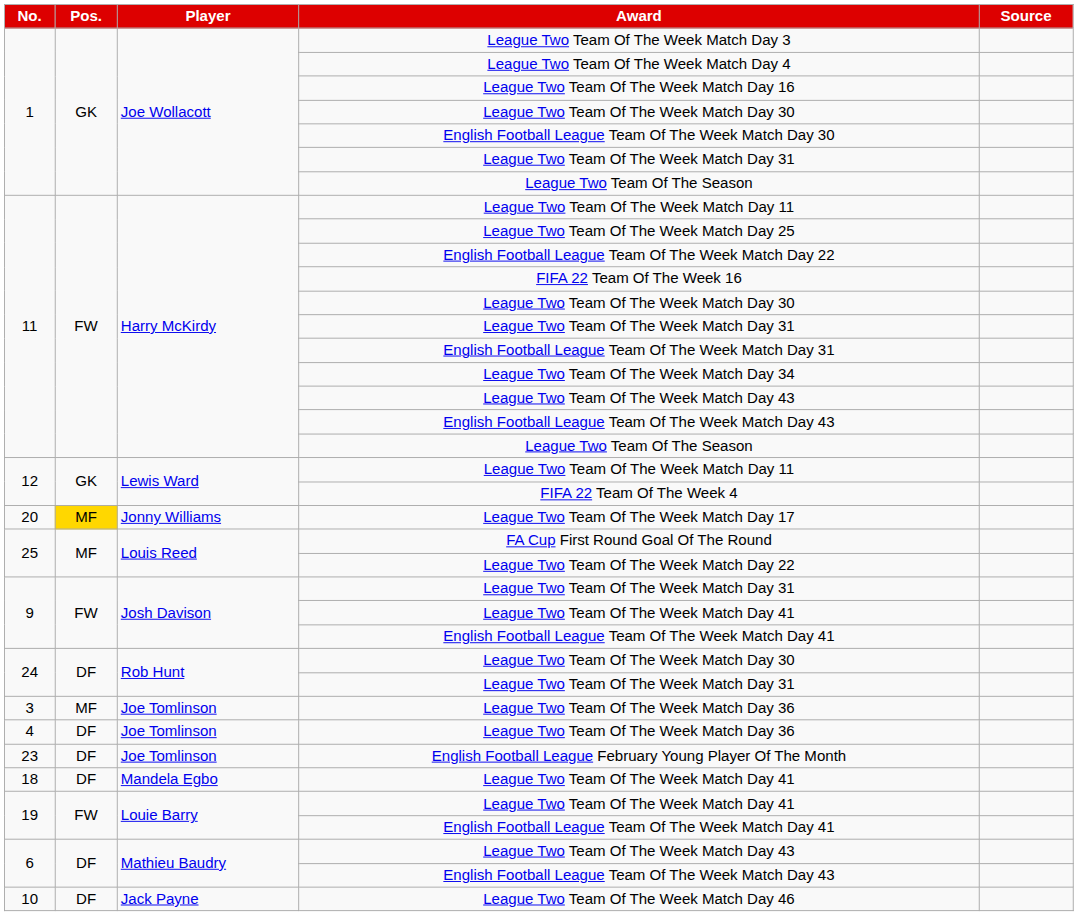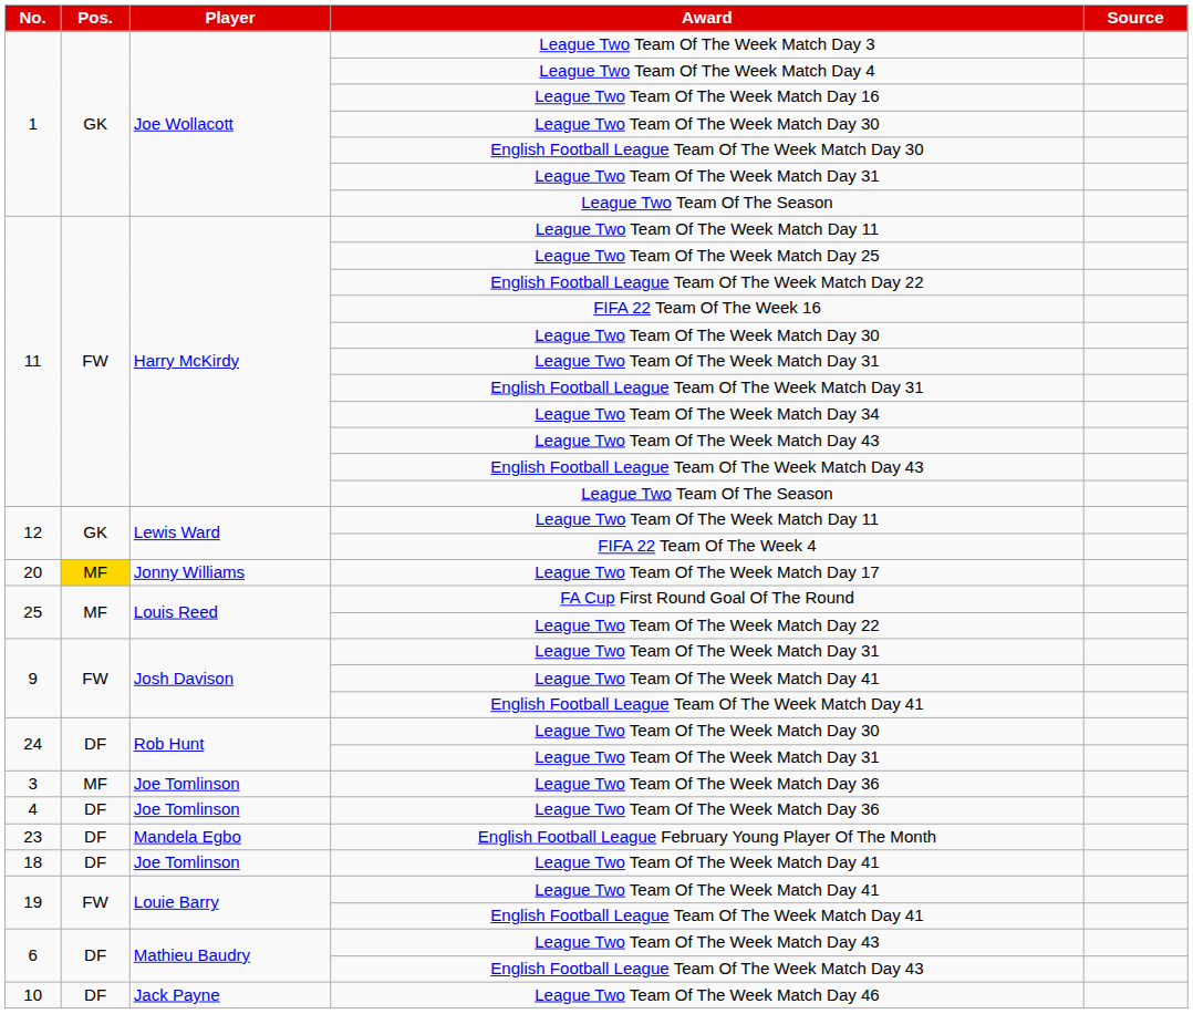 <table class="wikitable" style="text-align:center;width:90%;">
 <tr>
 <th style="background:#DD0000;color:#fff;">No.</th>
 <th style="background:#DD0000;color:#fff;">Pos.</th>
 <th style="background:#DD0000;color:#fff;">Player</th>
 <th style="background:#DD0000;color:#fff;">Award</th>
 <th style="background:#DD0000;color:#fff;">Source</th>
 </tr>
 <tr>
 <td rowspan=7>1</td>
 <td rowspan=7>GK</td>
 <td rowspan=7; align=left> <a href='#'>Joe Wollacott</a></td>
 <td><a href='#'>League Two</a> Team Of The Week Match Day 3</td>
 <td></td>
 </tr>
 <tr>
 <td><a href='#'>League Two</a> Team Of The Week Match Day 4</td>
 <td></td>
 </tr>
 <tr>
 <td><a href='#'>League Two</a> Team Of The Week Match Day 16</td>
 <td></td>
 </tr>
 <tr>
 <td><a href='#'>League Two</a> Team Of The Week Match Day 30</td>
 <td></td>
 </tr>
 <tr>
 <td><a href='#'>English Football League</a> Team Of The Week Match Day 30</td>
 <td></td>
 </tr>
 <tr>
 <td><a href='#'>League Two</a> Team Of The Week Match Day 31</td>
 <td></td>
 </tr>
 <tr>
 <td><a href='#'>League Two</a> Team Of The Season</td>
 <td></td>
 </tr>
 <tr>
 <td rowspan=11>11</td>
 <td rowspan=11>FW</td>
 <td rowspan=11; align=left> <a href='#'>Harry McKirdy</a></td>
 <td><a href='#'>League Two</a> Team Of The Week Match Day 11</td>
 <td></td>
 </tr>
 <tr>
 <td><a href='#'>League Two</a> Team Of The Week Match Day 25</td>
 <td></td>
 </tr>
 <tr>
 <td><a href='#'>English Football League</a> Team Of The Week Match Day 22</td>
 <td></td>
 </tr>
 <tr>
 <td><a href='#'>FIFA 22</a> Team Of The Week 16</td>
 <td></td>
 </tr>
 <tr>
 <td><a href='#'>League Two</a> Team Of The Week Match Day 30</td>
 <td></td>
 </tr>
 <tr>
 <td><a href='#'>League Two</a> Team Of The Week Match Day 31</td>
 <td></td>
 </tr>
 <tr>
 <td><a href='#'>English Football League</a> Team Of The Week Match Day 31</td>
 <td></td>
 </tr>
 <tr>
 <td><a href='#'>League Two</a> Team Of The Week Match Day 34</td>
 <td></td>
 </tr>
 <tr>
 <td><a href='#'>League Two</a> Team Of The Week Match Day 43</td>
 <td></td>
 </tr>
 <tr>
 <td><a href='#'>English Football League</a> Team Of The Week Match Day 43</td>
 <td></td>
 </tr>
 <tr>
 <td><a href='#'>League Two</a> Team Of The Season</td>
 <td></td>
 </tr>
 <tr>
 <td rowspan=2>12</td>
 <td rowspan=2>GK</td>
 <td rowspan=2; align=left> <a href='#'>Lewis Ward</a></td>
 <td><a href='#'>League Two</a> Team Of The Week Match Day 11</td>
 <td></td>
 </tr>
 <tr>
 <td><a href='#'>FIFA 22</a> Team Of The Week 4</td>
 <td></td>
 </tr>
 <tr>
 <td rowspan=1>20</td>
 <td rowspan=1 style="background: gold;">MF</td>
 <td rowspan=1; align=left> <a href='#'>Jonny Williams</a></td>
 <td><a href='#'>League Two</a> Team Of The Week Match Day 17</td>
 <td></td>
 </tr>
 <tr>
 <td rowspan=2>25</td>
 <td rowspan=2>MF</td>
 <td rowspan=2; align=left> <a href='#'>Louis Reed</a></td>
 <td><a href='#'>FA Cup</a> First Round Goal Of The Round</td>
 <td></td>
 </tr>
 <tr>
 <td><a href='#'>League Two</a> Team Of The Week Match Day 22</td>
 <td></td>
 </tr>
 <tr>
 <td rowspan=3>9</td>
 <td rowspan=3>FW</td>
 <td rowspan=3; align=left> <a href='#'>Josh Davison</a></td>
 <td><a href='#'>League Two</a> Team Of The Week Match Day 31</td>
 <td></td>
 </tr>
 <tr>
 <td><a href='#'>League Two</a> Team Of The Week Match Day 41</td>
 <td></td>
 </tr>
 <tr>
 <td><a href='#'>English Football League</a> Team Of The Week Match Day 41</td>
 <td></td>
 </tr>
 <tr>
 <td rowspan=2>24</td>
 <td rowspan=2>DF</td>
 <td rowspan=2; align=left> <a href='#'>Rob Hunt</a></td>
 <td><a href='#'>League Two</a> Team Of The Week Match Day 30</td>
 <td></td>
 </tr>
 <tr>
 <td><a href='#'>League Two</a> Team Of The Week Match Day 31</td>
 <td></td>
 </tr>
 <tr>
 <td rowspan=1>3</td>
 <td rowspan=1>MF</td>
 <td rowspan=1; align=left> <a href='#'>Joe Tomlinson</a></td>
 <td><a href='#'>League Two</a> Team Of The Week Match Day 36</td>
 <td></td>
 </tr>
 <tr>
 <td rowspan=1>4</td>
 <td rowspan=1>DF</td>
 <td rowspan=1; align=left> <a href='#'>Joe Tomlinson</a></td>
 <td><a href='#'>League Two</a> Team Of The Week Match Day 36</td>
 <td></td>
 </tr>
 <tr>
 <td rowspan=1>23</td>
 <td rowspan=1>DF</td>
-<td rowspan=1; align=left> <a href='#'>Joe Tomlinson</a></td>
+<td rowspan=1; align=left> <a href='#'>Mandela Egbo</a></td>
 <td><a href='#'>English Football League</a> February Young Player Of The Month</td>
 <td></td>
 </tr>
 <tr>
 <td rowspan=1>18</td>
 <td rowspan=1>DF</td>
-<td rowspan=1; align=left> <a href='#'>Mandela Egbo</a></td>
+<td rowspan=1; align=left> <a href='#'>Joe Tomlinson</a></td>
 <td><a href='#'>League Two</a> Team Of The Week Match Day 41</td>
 <td></td>
 </tr>
 <tr>
 <td rowspan=2>19</td>
 <td rowspan=2>FW</td>
 <td rowspan=2; align=left> <a href='#'>Louie Barry</a></td>
 <td><a href='#'>League Two</a> Team Of The Week Match Day 41</td>
 <td></td>
 </tr>
 <tr>
 <td><a href='#'>English Football League</a> Team Of The Week Match Day 41</td>
 <td></td>
 </tr>
 <tr>
 <td rowspan=2>6</td>
 <td rowspan=2>DF</td>
 <td rowspan=2; align=left> <a href='#'>Mathieu Baudry</a></td>
 <td><a href='#'>League Two</a> Team Of The Week Match Day 43</td>
 <td></td>
 </tr>
 <tr>
 <td><a href='#'>English Football League</a> Team Of The Week Match Day 43</td>
 <td></td>
 </tr>
 <tr>
 <td rowspan=1>10</td>
 <td rowspan=1>DF</td>
 <td rowspan=1; align=left> <a href='#'>Jack Payne</a></td>
 <td><a href='#'>League Two</a> Team Of The Week Match Day 46</td>
 <td></td>
 </tr>
 </table>
